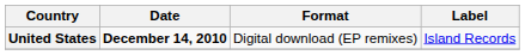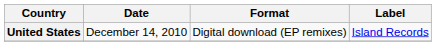 <table class="wikitable plainrowheaders">
 <tr>
 <th scope="col">Country</th>
 <th scope="col">Date</th>
 <th scope="col">Format</th>
 <th scope="col">Label</th>
 </tr>
 <tr>
 <th scope="row">United States</th>
-<td><strong>December 14, 2010</strong></td>
+<td>December 14, 2010</td>
 <td>Digital download (EP remixes)</td>
 <td><a href='#'>Island Records</a></td>
 </tr>
 <tr>
 </tr>
 </table>
